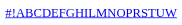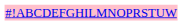 <table id="toc" class="toc" summary="Class">
 <tr>
 <th></th>
 </tr>
 <tr>
-<td style="text-align:center;"><a href='#'>#</a><a href='#'>!</a><a href='#'>A</a><a href='#'>B</a><a href='#'>C</a><a href='#'>D</a><a href='#'>E</a><a href='#'>F</a><a href='#'>G</a><a href='#'>H</a><a href='#'>I</a><a href='#'>L</a><a href='#'>M</a><a href='#'>N</a><a href='#'>O</a><a href='#'>P</a><a href='#'>R</a><a href='#'>S</a><a href='#'>T</a><a href='#'>U</a><a href='#'>W</a></td>
+<td style="background: pink; text-align:center;"><a href='#'>#</a><a href='#'>!</a><a href='#'>A</a><a href='#'>B</a><a href='#'>C</a><a href='#'>D</a><a href='#'>E</a><a href='#'>F</a><a href='#'>G</a><a href='#'>H</a><a href='#'>I</a><a href='#'>L</a><a href='#'>M</a><a href='#'>N</a><a href='#'>O</a><a href='#'>P</a><a href='#'>R</a><a href='#'>S</a><a href='#'>T</a><a href='#'>U</a><a href='#'>W</a></td>
 </tr>
 </table>
